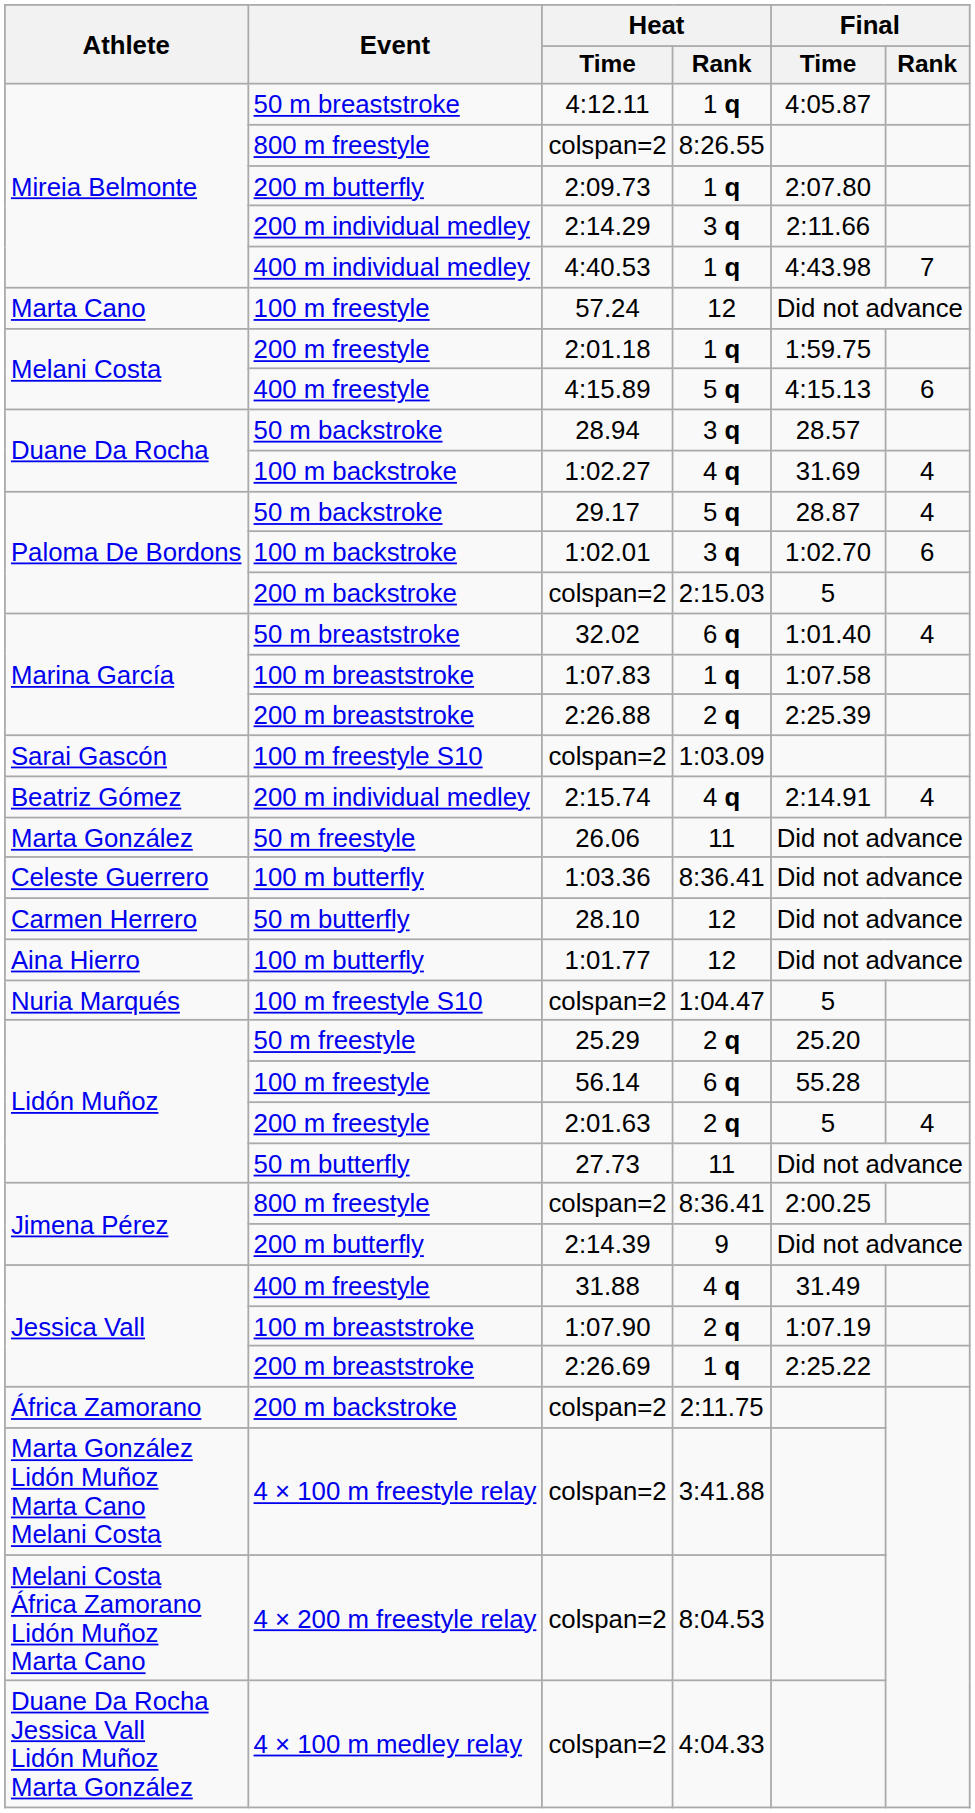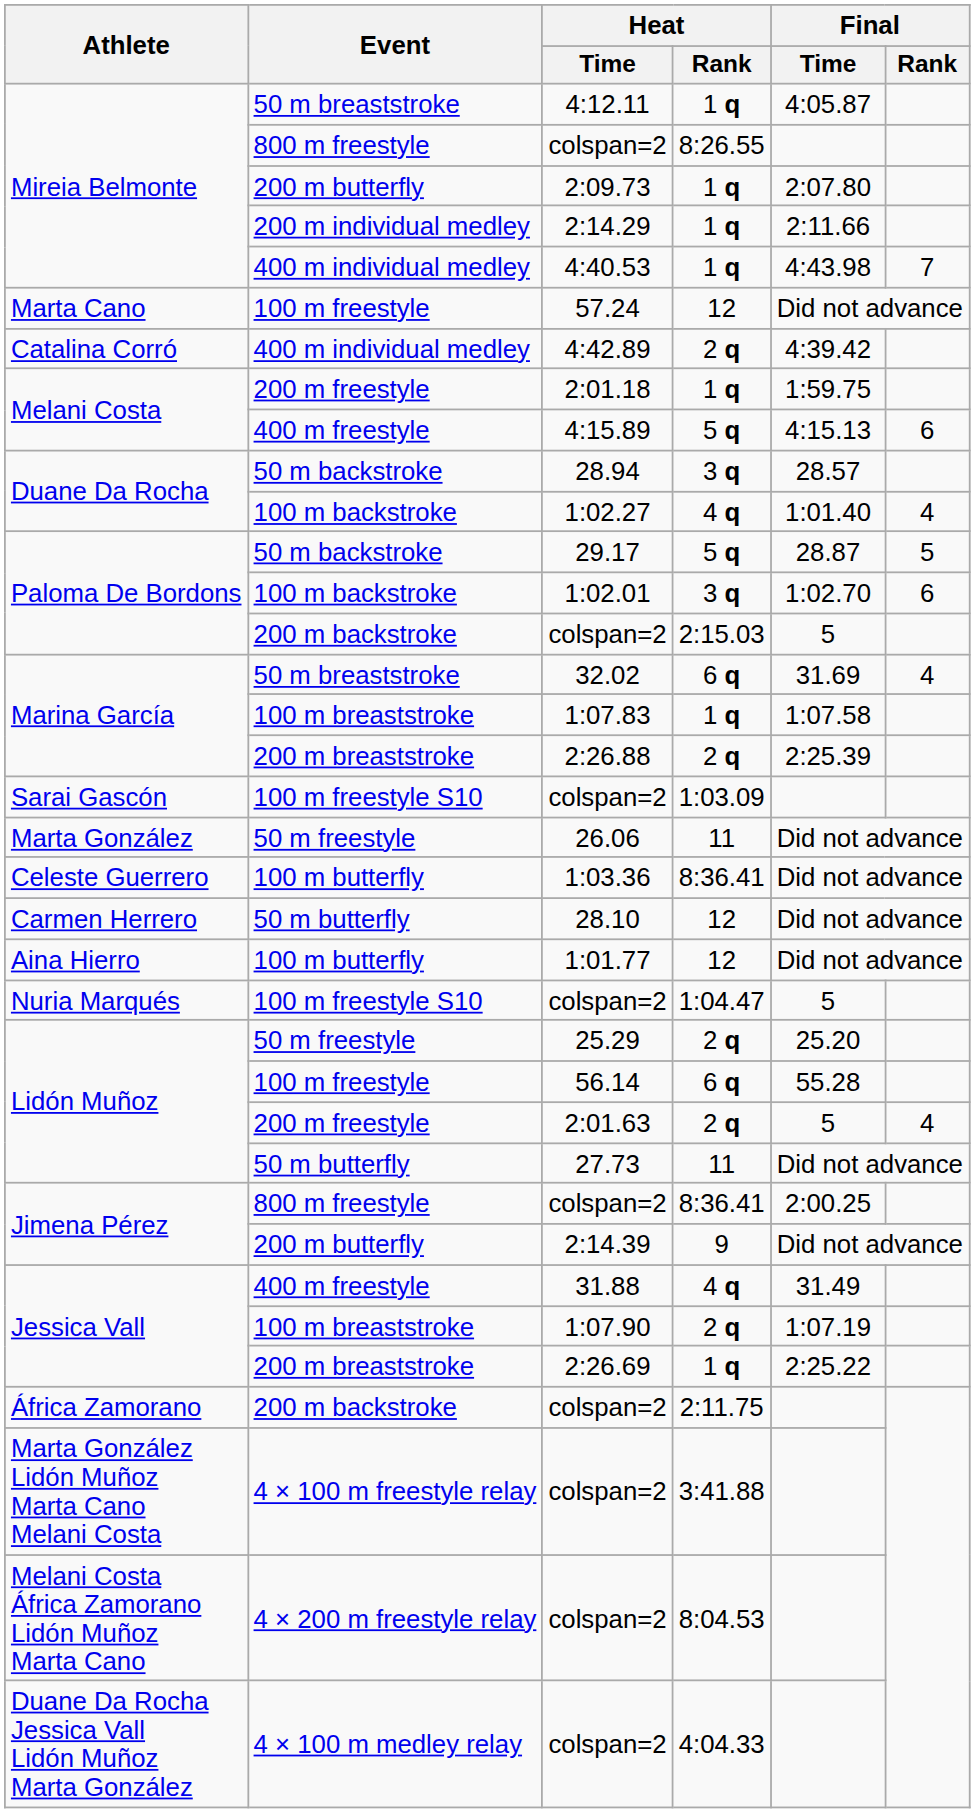 <table class=wikitable style="font-size:90%">
 <tr>
 <th rowspan="2">Athlete</th>
 <th rowspan="2">Event</th>
 <th colspan="2">Heat</th>
 <th colspan="2">Final</th>
 </tr>
 <tr style="font-size:95%">
 <th>Time</th>
 <th>Rank</th>
 <th>Time</th>
 <th>Rank</th>
 </tr>
 <tr align=center>
 <td align=left rowspan=5><a href='#'>Mireia Belmonte</a></td>
 <td align=left><a href='#'>50 m breaststroke</a></td>
 <td>4:12.11</td>
 <td>1 <strong>q</strong></td>
 <td>4:05.87</td>
 <td></td>
 </tr>
 <tr align=center>
 <td align=left><a href='#'>800 m freestyle</a></td>
 <td>colspan=2 </td>
 <td>8:26.55</td>
 <td></td>
 </tr>
 <tr align=center>
 <td align=left><a href='#'>200 m butterfly</a></td>
 <td>2:09.73</td>
 <td>1 <strong>q</strong></td>
 <td>2:07.80</td>
 <td></td>
 </tr>
 <tr align=center>
 <td align=left><a href='#'>200 m individual medley</a></td>
 <td>2:14.29</td>
-<td>3 <strong>q</strong></td>
+<td>1 <strong>q</strong></td>
 <td>2:11.66</td>
 <td></td>
 </tr>
 <tr align=center>
 <td align=left><a href='#'>400 m individual medley</a></td>
 <td>4:40.53</td>
 <td>1 <strong>q</strong></td>
 <td>4:43.98</td>
 <td>7</td>
 </tr>
 <tr align=center>
 <td align=left><a href='#'>Marta Cano</a></td>
 <td align=left><a href='#'>100 m freestyle</a></td>
 <td>57.24</td>
 <td>12</td>
 <td colspan=2>Did not advance</td>
+</tr>
+<tr align=center>
+<td align=left><a href='#'>Catalina Corró</a></td>
+<td align=left><a href='#'>400 m individual medley</a></td>
+<td>4:42.89</td>
+<td>2 <strong>q</strong></td>
+<td>4:39.42</td>
+<td></td>
 </tr>
 <tr align=center>
 <td align=left rowspan=2><a href='#'>Melani Costa</a></td>
 <td align=left><a href='#'>200 m freestyle</a></td>
 <td>2:01.18</td>
 <td>1 <strong>q</strong></td>
 <td>1:59.75</td>
 <td></td>
 </tr>
 <tr align=center>
 <td align=left><a href='#'>400 m freestyle</a></td>
 <td>4:15.89</td>
 <td>5 <strong>q</strong></td>
 <td>4:15.13</td>
 <td>6</td>
 </tr>
 <tr align=center>
 <td align=left rowspan=2><a href='#'>Duane Da Rocha</a></td>
 <td align=left><a href='#'>50 m backstroke</a></td>
 <td>28.94</td>
 <td>3 <strong>q</strong></td>
 <td>28.57</td>
 <td></td>
 </tr>
 <tr align=center>
 <td align=left><a href='#'>100 m backstroke</a></td>
 <td>1:02.27</td>
 <td>4 <strong>q</strong></td>
-<td>31.69</td>
+<td>1:01.40</td>
 <td>4</td>
 </tr>
 <tr align=center>
 <td align=left rowspan=3><a href='#'>Paloma De Bordons</a></td>
 <td align=left><a href='#'>50 m backstroke</a></td>
 <td>29.17</td>
 <td>5 <strong>q</strong></td>
 <td>28.87</td>
-<td>4</td>
+<td>5</td>
 </tr>
 <tr align=center>
 <td align=left><a href='#'>100 m backstroke</a></td>
 <td>1:02.01</td>
 <td>3 <strong>q</strong></td>
 <td>1:02.70</td>
 <td>6</td>
 </tr>
 <tr align=center>
 <td align=left><a href='#'>200 m backstroke</a></td>
 <td>colspan=2 </td>
 <td>2:15.03</td>
 <td>5</td>
 </tr>
 <tr align=center>
 <td align=left rowspan=3><a href='#'>Marina García</a></td>
 <td align=left><a href='#'>50 m breaststroke</a></td>
 <td>32.02</td>
 <td>6 <strong>q</strong></td>
-<td>1:01.40</td>
+<td>31.69</td>
 <td>4</td>
 </tr>
 <tr align=center>
 <td align=left><a href='#'>100 m breaststroke</a></td>
 <td>1:07.83</td>
 <td>1 <strong>q</strong></td>
 <td>1:07.58</td>
 <td></td>
 </tr>
 <tr align=center>
 <td align=left><a href='#'>200 m breaststroke</a></td>
 <td>2:26.88</td>
 <td>2 <strong>q</strong></td>
 <td>2:25.39</td>
 <td></td>
 </tr>
 <tr align=center>
 <td align=left><a href='#'>Sarai Gascón</a></td>
 <td align=left><a href='#'>100 m freestyle S10</a></td>
 <td>colspan=2 </td>
 <td>1:03.09</td>
 <td></td>
-</tr>
-<tr align=center>
-<td align=left><a href='#'>Beatriz Gómez</a></td>
-<td align=left><a href='#'>200 m individual medley</a></td>
-<td>2:15.74</td>
-<td>4 <strong>q</strong></td>
-<td>2:14.91</td>
-<td>4</td>
 </tr>
 <tr align=center>
 <td align=left><a href='#'>Marta González</a></td>
 <td align=left><a href='#'>50 m freestyle</a></td>
 <td>26.06</td>
 <td>11</td>
 <td colspan=2>Did not advance</td>
 </tr>
 <tr align=center>
 <td align=left><a href='#'>Celeste Guerrero</a></td>
 <td align=left><a href='#'>100 m butterfly</a></td>
 <td>1:03.36</td>
 <td>8:36.41</td>
 <td colspan=2>Did not advance</td>
 </tr>
 <tr align=center>
 <td align=left><a href='#'>Carmen Herrero</a></td>
 <td align=left><a href='#'>50 m butterfly</a></td>
 <td>28.10</td>
 <td>12</td>
 <td colspan=2>Did not advance</td>
 </tr>
 <tr align=center>
 <td align=left><a href='#'>Aina Hierro</a></td>
 <td align=left><a href='#'>100 m butterfly</a></td>
 <td>1:01.77</td>
 <td>12</td>
 <td colspan=2>Did not advance</td>
 </tr>
 <tr align=center>
 <td align=left><a href='#'>Nuria Marqués</a></td>
 <td align=left><a href='#'>100 m freestyle S10</a></td>
 <td>colspan=2 </td>
 <td>1:04.47</td>
 <td>5</td>
 </tr>
 <tr align=center>
 <td align=left rowspan=4><a href='#'>Lidón Muñoz</a></td>
 <td align=left><a href='#'>50 m freestyle</a></td>
 <td>25.29</td>
 <td>2 <strong>q</strong></td>
 <td>25.20</td>
 <td></td>
 </tr>
 <tr align=center>
 <td align=left><a href='#'>100 m freestyle</a></td>
 <td>56.14</td>
 <td>6 <strong>q</strong></td>
 <td>55.28</td>
 <td></td>
 </tr>
 <tr align=center>
 <td align=left><a href='#'>200 m freestyle</a></td>
 <td>2:01.63</td>
 <td>2 <strong>q</strong></td>
 <td>5</td>
 <td>4</td>
 </tr>
 <tr align=center>
 <td align=left><a href='#'>50 m butterfly</a></td>
 <td>27.73</td>
 <td>11</td>
 <td colspan=2>Did not advance</td>
 </tr>
 <tr align=center>
 <td align=left rowspan=2><a href='#'>Jimena Pérez</a></td>
 <td align=left><a href='#'>800 m freestyle</a></td>
 <td>colspan=2 </td>
 <td>8:36.41</td>
 <td>2:00.25</td>
 </tr>
 <tr align=center>
 <td align=left><a href='#'>200 m butterfly</a></td>
 <td>2:14.39</td>
 <td>9</td>
 <td colspan=2>Did not advance</td>
 </tr>
 <tr align=center>
 <td align=left rowspan=3><a href='#'>Jessica Vall</a></td>
 <td align=left><a href='#'>400 m freestyle</a></td>
 <td>31.88</td>
 <td>4 <strong>q</strong></td>
 <td>31.49</td>
 <td></td>
 </tr>
 <tr align=center>
 <td align=left><a href='#'>100 m breaststroke</a></td>
 <td>1:07.90</td>
 <td>2 <strong>q</strong></td>
 <td>1:07.19</td>
 <td></td>
 </tr>
 <tr align=center>
 <td align=left><a href='#'>200 m breaststroke</a></td>
 <td>2:26.69</td>
 <td>1 <strong>q</strong></td>
 <td>2:25.22</td>
 <td></td>
 </tr>
 <tr align=center>
 <td align=left><a href='#'>África Zamorano</a></td>
 <td align=left><a href='#'>200 m backstroke</a></td>
 <td>colspan=2 </td>
 <td>2:11.75</td>
 <td></td>
 </tr>
 <tr align=center>
 <td align=left><a href='#'>Marta González</a><br><a href='#'>Lidón Muñoz</a><br><a href='#'>Marta Cano</a><br><a href='#'>Melani Costa</a></td>
 <td align=left><a href='#'>4 × 100 m freestyle relay</a></td>
 <td>colspan=2 </td>
 <td>3:41.88</td>
 <td></td>
 </tr>
 <tr align=center>
 <td align=left><a href='#'>Melani Costa</a><br><a href='#'>África Zamorano</a><br><a href='#'>Lidón Muñoz</a><br><a href='#'>Marta Cano</a></td>
 <td align=left><a href='#'>4 × 200 m freestyle relay</a></td>
 <td>colspan=2 </td>
 <td>8:04.53</td>
 <td></td>
 </tr>
 <tr align=center>
 <td align=left><a href='#'>Duane Da Rocha</a><br><a href='#'>Jessica Vall</a><br><a href='#'>Lidón Muñoz</a><br><a href='#'>Marta González</a></td>
 <td align=left><a href='#'>4 × 100 m medley relay</a></td>
 <td>colspan=2 </td>
 <td>4:04.33</td>
 <td></td>
 </tr>
 </table>
